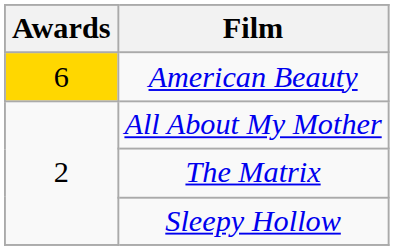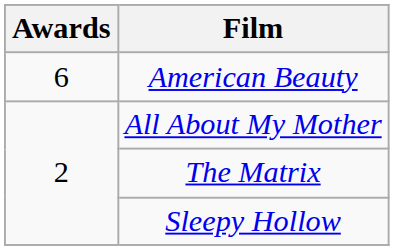 <table class="wikitable" style="text-align:center;">
 <tr>
 <th style="background:">Awards</th>
 <th style="background:">Film</th>
 </tr>
 <tr>
-<td style="background: gold;">6</td>
+<td>6</td>
 <td><em><a href='#'>American Beauty</a></em></td>
 </tr>
 <tr>
 <td rowspan="3">2</td>
 <td><em><a href='#'>All About My Mother</a></em></td>
 </tr>
 <tr>
 <td><em><a href='#'>The Matrix</a></em></td>
 </tr>
 <tr>
 <td><em><a href='#'>Sleepy Hollow</a></em></td>
 </tr>
 </table>
